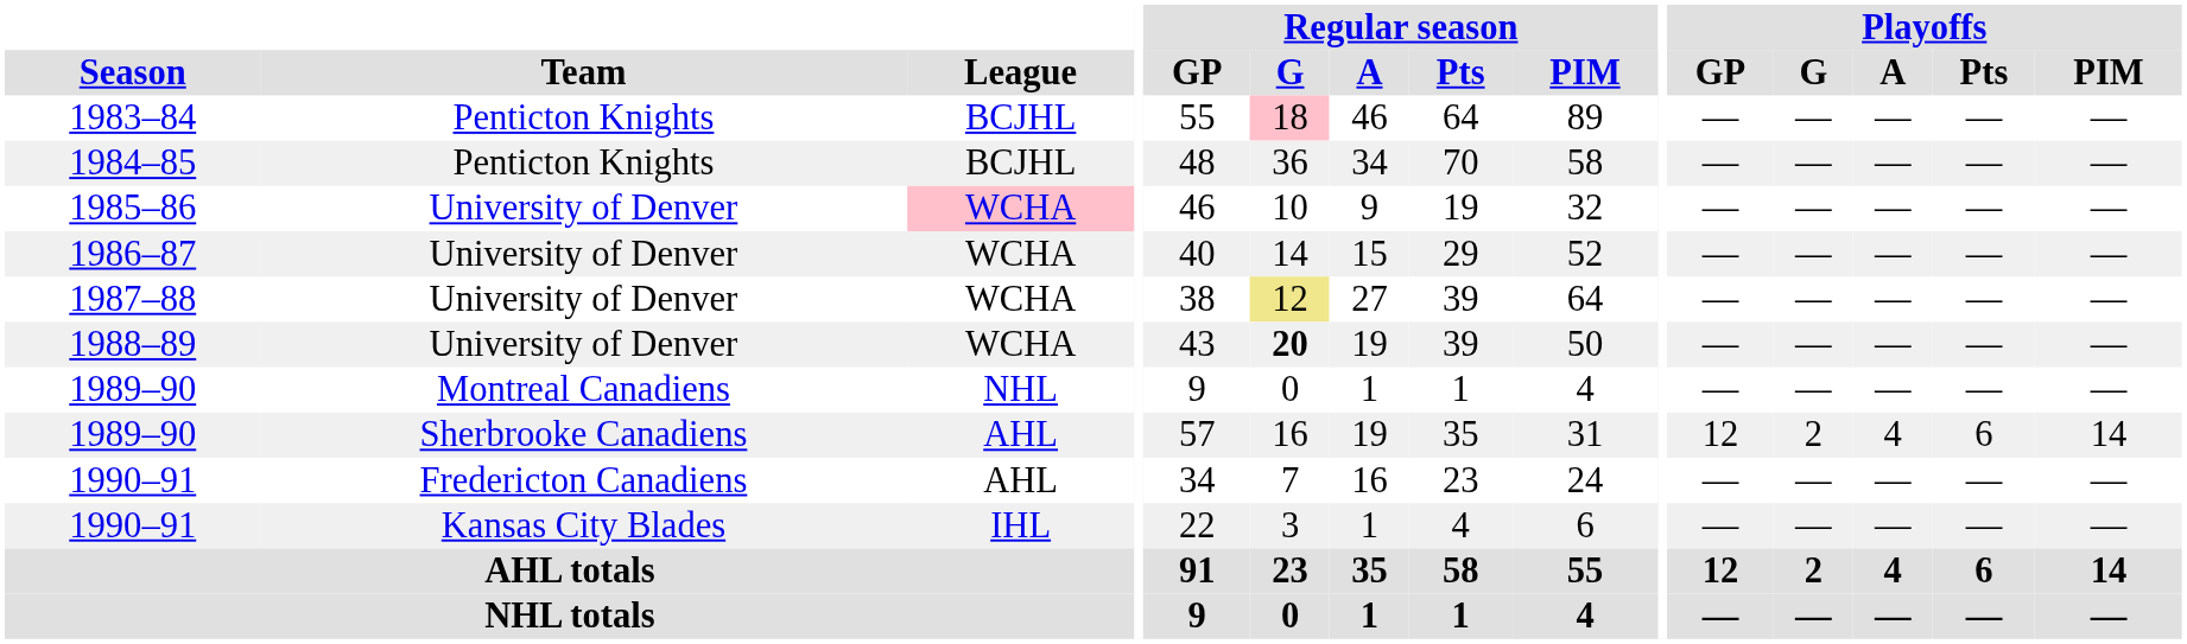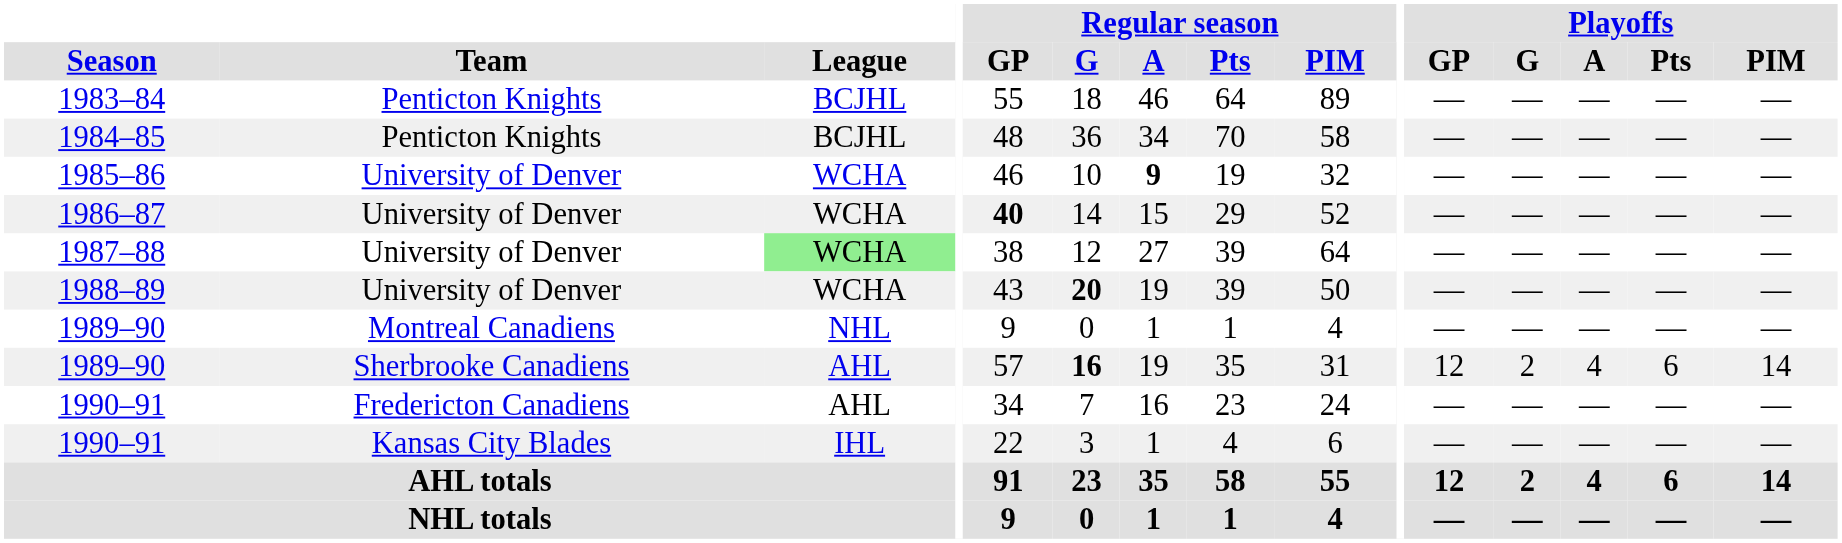 <table border="0" cellpadding="1" cellspacing="0" style="text-align:center; width:60em">
 <tr bgcolor="#e0e0e0">
 <th colspan="3" bgcolor="#ffffff"></th>
 <th rowspan="100" bgcolor="#ffffff"></th>
 <th colspan="5"><a href='#'>Regular season</a></th>
 <th rowspan="100" bgcolor="#ffffff"></th>
 <th colspan="5"><a href='#'>Playoffs</a></th>
 </tr>
 <tr bgcolor="#e0e0e0">
 <th><a href='#'>Season</a></th>
 <th>Team</th>
 <th>League</th>
 <th>GP</th>
 <th><a href='#'>G</a></th>
 <th><a href='#'>A</a></th>
 <th><a href='#'>Pts</a></th>
 <th><a href='#'>PIM</a></th>
 <th>GP</th>
 <th>G</th>
 <th>A</th>
 <th>Pts</th>
 <th>PIM</th>
 </tr>
 <tr>
 <td><a href='#'>1983–84</a></td>
 <td><a href='#'>Penticton Knights</a></td>
 <td><a href='#'>BCJHL</a></td>
 <td>55</td>
-<td style="background: pink;">18</td>
+<td>18</td>
 <td>46</td>
 <td>64</td>
 <td>89</td>
 <td>—</td>
 <td>—</td>
 <td>—</td>
 <td>—</td>
 <td>—</td>
 </tr>
 <tr bgcolor="#f0f0f0">
 <td><a href='#'>1984–85</a></td>
 <td>Penticton Knights</td>
 <td>BCJHL</td>
 <td>48</td>
 <td>36</td>
 <td>34</td>
 <td>70</td>
 <td>58</td>
 <td>—</td>
 <td>—</td>
 <td>—</td>
 <td>—</td>
 <td>—</td>
 </tr>
 <tr>
 <td><a href='#'>1985–86</a></td>
 <td><a href='#'>University of Denver</a></td>
-<td style="background: pink;"><a href='#'>WCHA</a></td>
+<td><a href='#'>WCHA</a></td>
 <td>46</td>
 <td>10</td>
-<td>9</td>
+<td><strong>9</strong></td>
 <td>19</td>
 <td>32</td>
 <td>—</td>
 <td>—</td>
 <td>—</td>
 <td>—</td>
 <td>—</td>
 </tr>
 <tr bgcolor="#f0f0f0">
 <td><a href='#'>1986–87</a></td>
 <td>University of Denver</td>
 <td>WCHA</td>
-<td>40</td>
+<td><strong>40</strong></td>
 <td>14</td>
 <td>15</td>
 <td>29</td>
 <td>52</td>
 <td>—</td>
 <td>—</td>
 <td>—</td>
 <td>—</td>
 <td>—</td>
 </tr>
 <tr>
 <td><a href='#'>1987–88</a></td>
 <td>University of Denver</td>
-<td>WCHA</td>
+<td style="background: lightgreen;">WCHA</td>
 <td>38</td>
-<td style="background: khaki;">12</td>
+<td>12</td>
 <td>27</td>
 <td>39</td>
 <td>64</td>
 <td>—</td>
 <td>—</td>
 <td>—</td>
 <td>—</td>
 <td>—</td>
 </tr>
 <tr bgcolor="#f0f0f0">
 <td><a href='#'>1988–89</a></td>
 <td>University of Denver</td>
 <td>WCHA</td>
 <td>43</td>
 <td><strong>20</strong></td>
 <td>19</td>
 <td>39</td>
 <td>50</td>
 <td>—</td>
 <td>—</td>
 <td>—</td>
 <td>—</td>
 <td>—</td>
 </tr>
 <tr>
 <td><a href='#'>1989–90</a></td>
 <td><a href='#'>Montreal Canadiens</a></td>
 <td><a href='#'>NHL</a></td>
 <td>9</td>
 <td>0</td>
 <td>1</td>
 <td>1</td>
 <td>4</td>
 <td>—</td>
 <td>—</td>
 <td>—</td>
 <td>—</td>
 <td>—</td>
 </tr>
 <tr bgcolor="#f0f0f0">
 <td><a href='#'>1989–90</a></td>
 <td><a href='#'>Sherbrooke Canadiens</a></td>
 <td><a href='#'>AHL</a></td>
 <td>57</td>
-<td>16</td>
+<td><strong>16</strong></td>
 <td>19</td>
 <td>35</td>
 <td>31</td>
 <td>12</td>
 <td>2</td>
 <td>4</td>
 <td>6</td>
 <td>14</td>
 </tr>
 <tr>
 <td><a href='#'>1990–91</a></td>
 <td><a href='#'>Fredericton Canadiens</a></td>
 <td>AHL</td>
 <td>34</td>
 <td>7</td>
 <td>16</td>
 <td>23</td>
 <td>24</td>
 <td>—</td>
 <td>—</td>
 <td>—</td>
 <td>—</td>
 <td>—</td>
 </tr>
 <tr bgcolor="#f0f0f0">
 <td><a href='#'>1990–91</a></td>
 <td><a href='#'>Kansas City Blades</a></td>
 <td><a href='#'>IHL</a></td>
 <td>22</td>
 <td>3</td>
 <td>1</td>
 <td>4</td>
 <td>6</td>
 <td>—</td>
 <td>—</td>
 <td>—</td>
 <td>—</td>
 <td>—</td>
 </tr>
 <tr bgcolor="#e0e0e0">
 <th colspan="3">AHL totals</th>
 <th>91</th>
 <th>23</th>
 <th>35</th>
 <th>58</th>
 <th>55</th>
 <th>12</th>
 <th>2</th>
 <th>4</th>
 <th>6</th>
 <th>14</th>
 </tr>
 <tr bgcolor="#e0e0e0">
 <th colspan="3">NHL totals</th>
 <th>9</th>
 <th>0</th>
 <th>1</th>
 <th>1</th>
 <th>4</th>
 <th>—</th>
 <th>—</th>
 <th>—</th>
 <th>—</th>
 <th>—</th>
 </tr>
 </table>
